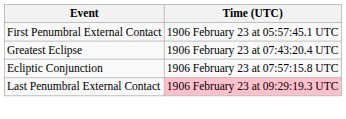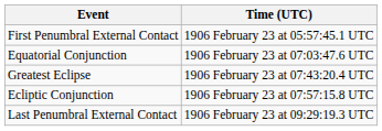 <table class="wikitable">
 <tr>
 <th>Event</th>
 <th>Time (UTC)</th>
 </tr>
 <tr>
 <td>First Penumbral External Contact</td>
 <td>1906 February 23 at 05:57:45.1 UTC</td>
+</tr>
+<tr>
+<td>Equatorial Conjunction</td>
+<td>1906 February 23 at 07:03:47.6 UTC</td>
 </tr>
 <tr>
 <td>Greatest Eclipse</td>
 <td>1906 February 23 at 07:43:20.4 UTC</td>
 </tr>
 <tr>
 <td>Ecliptic Conjunction</td>
 <td>1906 February 23 at 07:57:15.8 UTC</td>
 </tr>
 <tr>
 <td>Last Penumbral External Contact</td>
-<td style="background: pink;">1906 February 23 at 09:29:19.3 UTC</td>
+<td>1906 February 23 at 09:29:19.3 UTC</td>
 </tr>
 </table>
